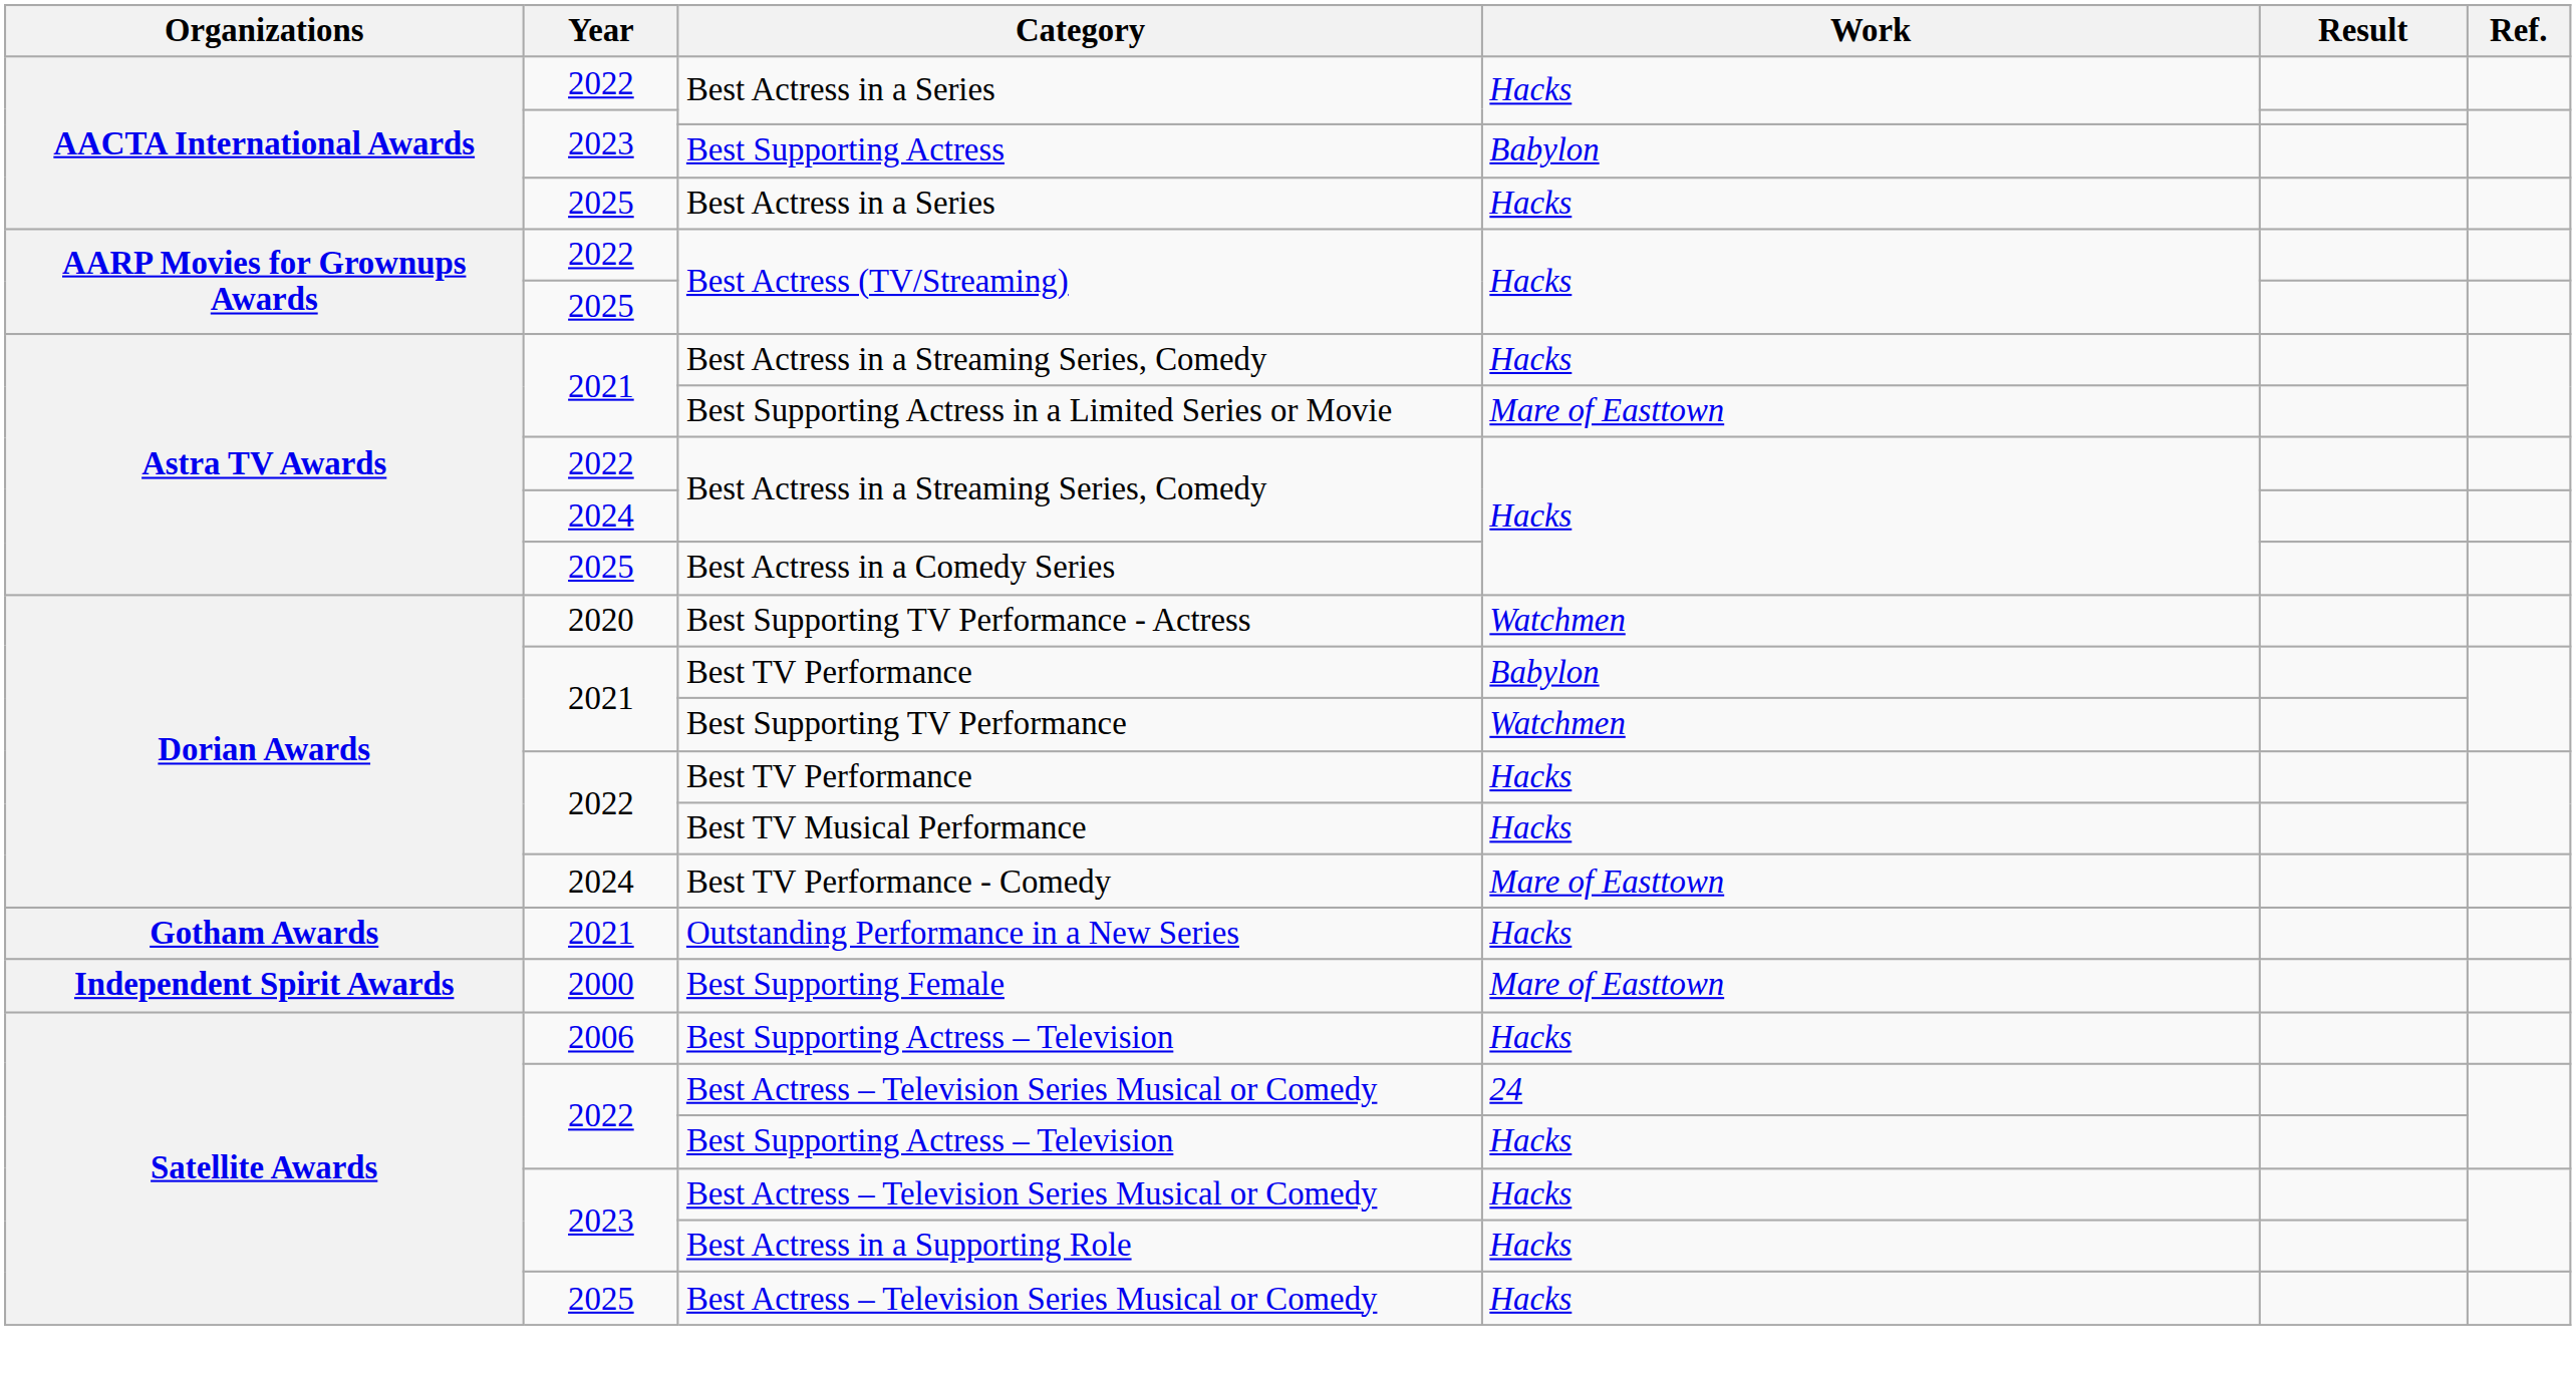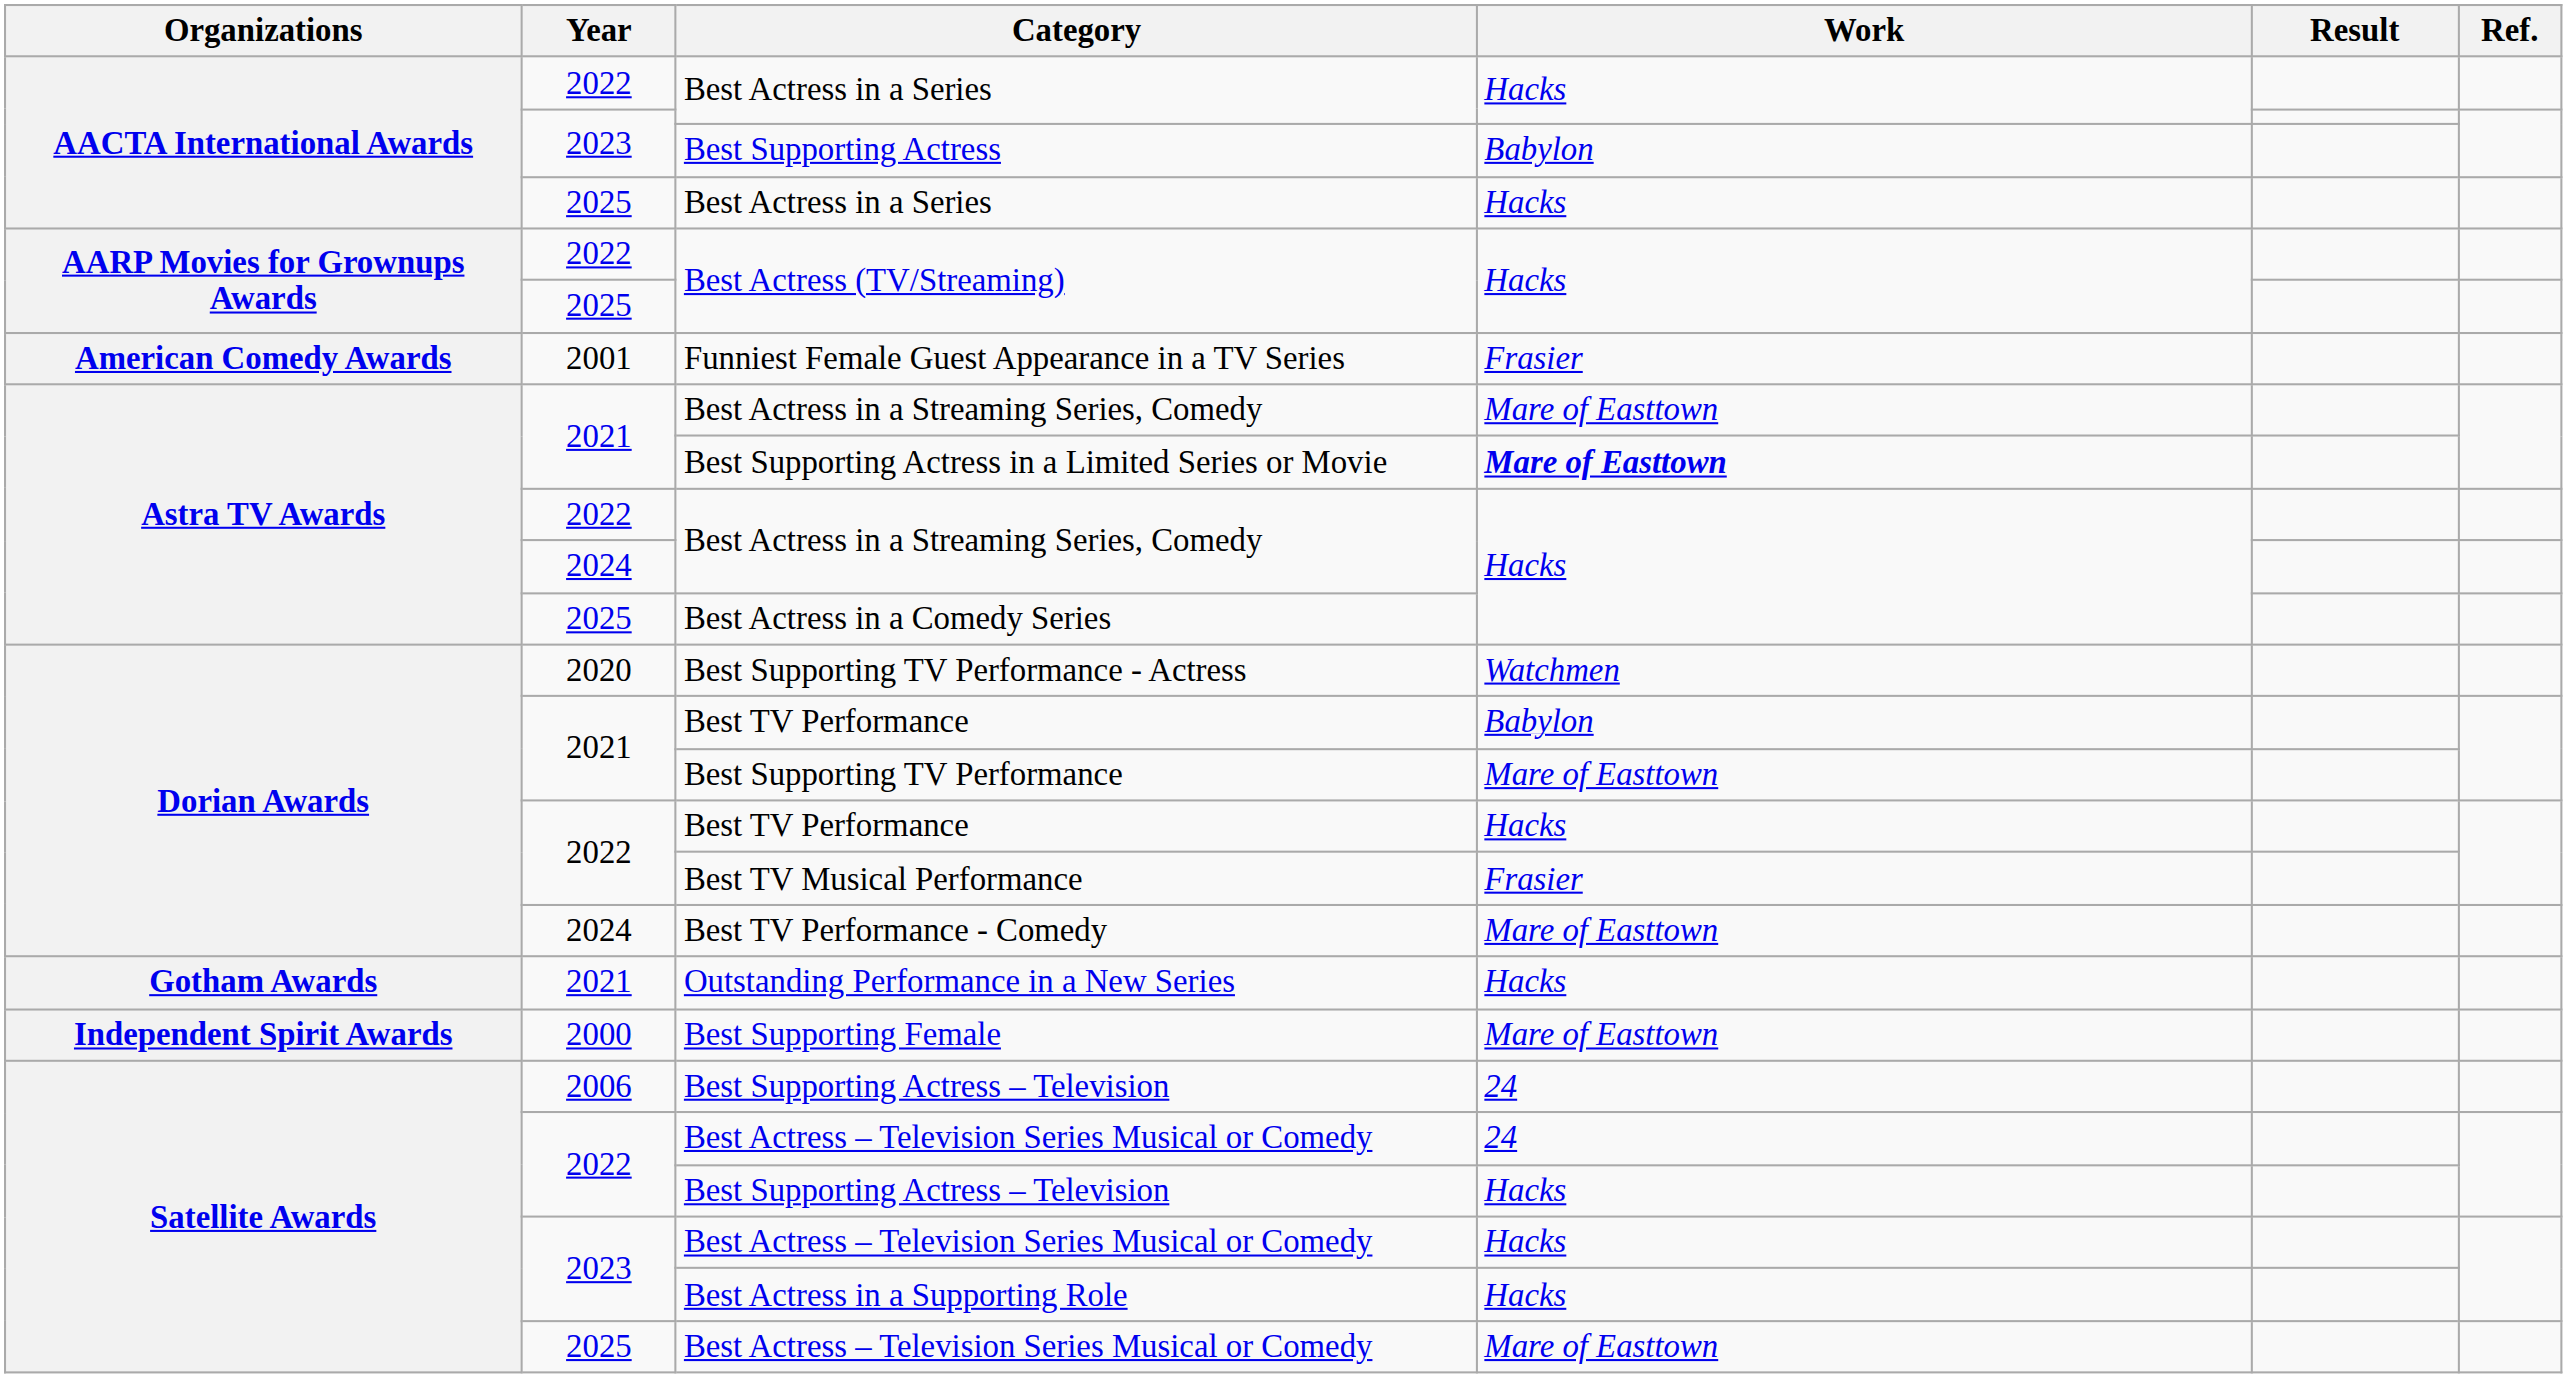 <table class="wikitable sortable plainrowheaders">
 <tr>
 <th scope="col" style="width:20%;">Organizations</th>
 <th scope="col" style="width:6%;">Year</th>
 <th scope="col" style="width:31%;">Category</th>
 <th scope="col" style="width:30%;">Work</th>
 <th scope="col" style="width:8%;">Result</th>
 <th scope="col" style="width:4%;" class="unsortable">Ref.</th>
 </tr>
 <tr>
 <th rowspan="4" scope="row"><a href='#'>AACTA International Awards</a></th>
 <td style="text-align:center;"><a href='#'>2022</a></td>
 <td rowspan=2>Best Actress in a Series</td>
 <td rowspan=2><em><a href='#'>Hacks</a></em></td>
 <td></td>
 <td></td>
 </tr>
 <tr>
 <td rowspan=2, style="text-align:center;"><a href='#'>2023</a></td>
 <td></td>
 <td rowspan=2></td>
 </tr>
 <tr>
 <td><a href='#'>Best Supporting Actress</a></td>
 <td><em><a href='#'>Babylon</a></em></td>
 <td></td>
 </tr>
 <tr>
 <td style="text-align:center;"><a href='#'>2025</a></td>
 <td>Best Actress in a Series</td>
 <td><em><a href='#'>Hacks</a></em></td>
 <td></td>
 <td></td>
 </tr>
 <tr>
 <th rowspan="2" scope="row"><a href='#'>AARP Movies for Grownups Awards</a></th>
 <td style="text-align:center;"><a href='#'>2022</a></td>
 <td rowspan=2><a href='#'>Best Actress (TV/Streaming)</a></td>
 <td rowspan=2><em><a href='#'>Hacks</a></em></td>
 <td></td>
 <td></td>
 </tr>
 <tr>
 <td style="text-align:center;"><a href='#'>2025</a></td>
 <td></td>
 <td></td>
 </tr>
 <tr>
+<th rowspan="1" scope="row"><a href='#'>American Comedy Awards</a></th>
+<td style="text-align:center;">2001</td>
+<td>Funniest Female Guest Appearance in a TV Series</td>
+<td><em><a href='#'>Frasier</a></em></td>
+<td></td>
+<td></td>
+</tr>
+<tr>
 <th rowspan="5" scope="row"><a href='#'>Astra TV Awards</a></th>
 <td rowspan="2" style="text-align:center;"><a href='#'>2021</a></td>
 <td>Best Actress in a Streaming Series, Comedy</td>
-<td><em><a href='#'>Hacks</a></em></td>
+<td><em><a href='#'>Mare of Easttown</a></em></td>
 <td></td>
 <td rowspan="2"></td>
 </tr>
 <tr>
 <td>Best Supporting Actress in a Limited Series or Movie</td>
-<td><em><a href='#'>Mare of Easttown</a></em></td>
+<td><strong><em><a href='#'>Mare of Easttown</a></em></strong></td>
 <td></td>
 </tr>
 <tr>
 <td style="text-align:center;"><a href='#'>2022</a></td>
 <td rowspan="2">Best Actress in a Streaming Series, Comedy</td>
 <td rowspan="3"><em><a href='#'>Hacks</a></em></td>
 <td></td>
 <td></td>
 </tr>
 <tr>
 <td style="text-align:center;"><a href='#'>2024</a></td>
 <td></td>
 <td></td>
 </tr>
 <tr>
 <td style="text-align:center;"><a href='#'>2025</a></td>
 <td>Best Actress in a Comedy Series</td>
 <td></td>
 <td></td>
 </tr>
 <tr>
 <th rowspan="6" scope="row"><a href='#'>Dorian Awards</a></th>
 <td style="text-align:center;">2020</td>
 <td>Best Supporting TV Performance - Actress</td>
 <td><em><a href='#'>Watchmen</a></em></td>
 <td></td>
 <td></td>
 </tr>
 <tr>
 <td rowspan="2" style="text-align:center;">2021</td>
 <td>Best TV Performance</td>
 <td><em><a href='#'>Babylon</a></em></td>
 <td></td>
 <td rowspan="2"></td>
 </tr>
 <tr>
 <td>Best Supporting TV Performance</td>
-<td><em><a href='#'>Watchmen</a></em></td>
+<td><em><a href='#'>Mare of Easttown</a></em></td>
 <td></td>
 </tr>
 <tr>
 <td rowspan="2" style="text-align:center;">2022</td>
 <td>Best TV Performance</td>
 <td><em><a href='#'>Hacks</a></em></td>
 <td></td>
 <td rowspan="2"></td>
 </tr>
 <tr>
 <td>Best TV Musical Performance</td>
-<td><em><a href='#'>Hacks</a></em> </td>
+<td><em><a href='#'>Frasier</a></em></td>
 <td></td>
 </tr>
 <tr>
 <td style="text-align:center;">2024</td>
 <td>Best TV Performance - Comedy</td>
 <td><em><a href='#'>Mare of Easttown</a></em></td>
 <td></td>
 <td></td>
 </tr>
 <tr>
 <th rowspan="1" scope="row"><a href='#'>Gotham Awards</a></th>
 <td style="text-align:center;"><a href='#'>2021</a></td>
 <td><a href='#'>Outstanding Performance in a New Series</a></td>
 <td><em><a href='#'>Hacks</a></em></td>
 <td></td>
 <td></td>
 </tr>
 <tr>
 <th rowspan="1" scope="row"><a href='#'>Independent Spirit Awards</a></th>
 <td style="text-align:center;"><a href='#'>2000</a></td>
 <td><a href='#'>Best Supporting Female</a></td>
 <td><em><a href='#'>Mare of Easttown</a></em></td>
 <td></td>
 <td></td>
 </tr>
 <tr>
 <th rowspan="6" scope="row"><a href='#'>Satellite Awards</a></th>
 <td style="text-align:center;"><a href='#'>2006</a></td>
 <td><a href='#'>Best Supporting Actress – Television</a></td>
-<td><em><a href='#'>Hacks</a></em></td>
+<td><em><a href='#'>24</a></em></td>
 <td></td>
 <td></td>
 </tr>
 <tr>
 <td rowspan="2" style="text-align:center;"><a href='#'>2022</a></td>
 <td><a href='#'>Best Actress – Television Series Musical or Comedy</a></td>
 <td><em><a href='#'>24</a></em></td>
 <td></td>
 <td rowspan="2"></td>
 </tr>
 <tr>
 <td><a href='#'>Best Supporting Actress – Television</a></td>
 <td><em><a href='#'>Hacks</a></em></td>
 <td></td>
 </tr>
 <tr>
 <td rowspan="2" style="text-align:center;"><a href='#'>2023</a></td>
 <td><a href='#'>Best Actress – Television Series Musical or Comedy</a></td>
 <td><em><a href='#'>Hacks</a></em></td>
 <td></td>
 <td rowspan="2"></td>
 </tr>
 <tr>
 <td><a href='#'>Best Actress in a Supporting Role</a></td>
 <td><em><a href='#'>Hacks</a></em></td>
 <td></td>
 </tr>
 <tr>
 <td style="text-align:center;"><a href='#'>2025</a></td>
 <td><a href='#'>Best Actress – Television Series Musical or Comedy</a></td>
-<td><em><a href='#'>Hacks</a></em></td>
+<td><em><a href='#'>Mare of Easttown</a></em></td>
 <td></td>
 <td></td>
 </tr>
 </table>
